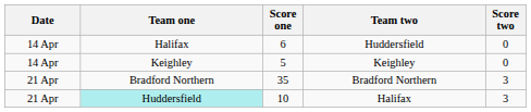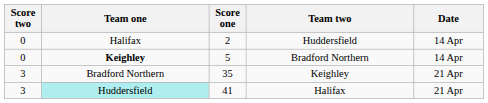 <table class="wikitable" style="text-align: center">
 <tr>
-<th width=100>Date</th>
+<th width=50>Score two</th>
 <th width=250>Team one</th>
 <th width=50>Score one</th>
 <th width=250>Team two</th>
-<th width=50>Score two</th>
+<th width=100>Date</th>
 </tr>
 <tr>
+<td>0</td>
+<td>Halifax</td>
+<td>2</td>
+<td>Huddersfield</td>
 <td>14 Apr</td>
-<td>Halifax</td>
-<td>6</td>
-<td>Huddersfield</td>
-<td>0</td>
 </tr>
 <tr>
+<td>0</td>
+<td><strong>Keighley</strong></td>
+<td>5</td>
+<td>Bradford Northern</td>
 <td>14 Apr</td>
-<td>Keighley</td>
-<td>5</td>
-<td>Keighley</td>
-<td>0</td>
 </tr>
 <tr>
-<td>21 Apr</td>
+<td>3</td>
 <td>Bradford Northern</td>
 <td>35</td>
-<td>Bradford Northern</td>
-<td>3</td>
+<td>Keighley</td>
+<td>21 Apr</td>
 </tr>
 <tr>
+<td>3</td>
+<td style="background: paleturquoise;">Huddersfield</td>
+<td>41</td>
+<td>Halifax</td>
 <td>21 Apr</td>
-<td style="background: paleturquoise;">Huddersfield</td>
-<td>10</td>
-<td>Halifax</td>
-<td>3</td>
 </tr>
 </table>
